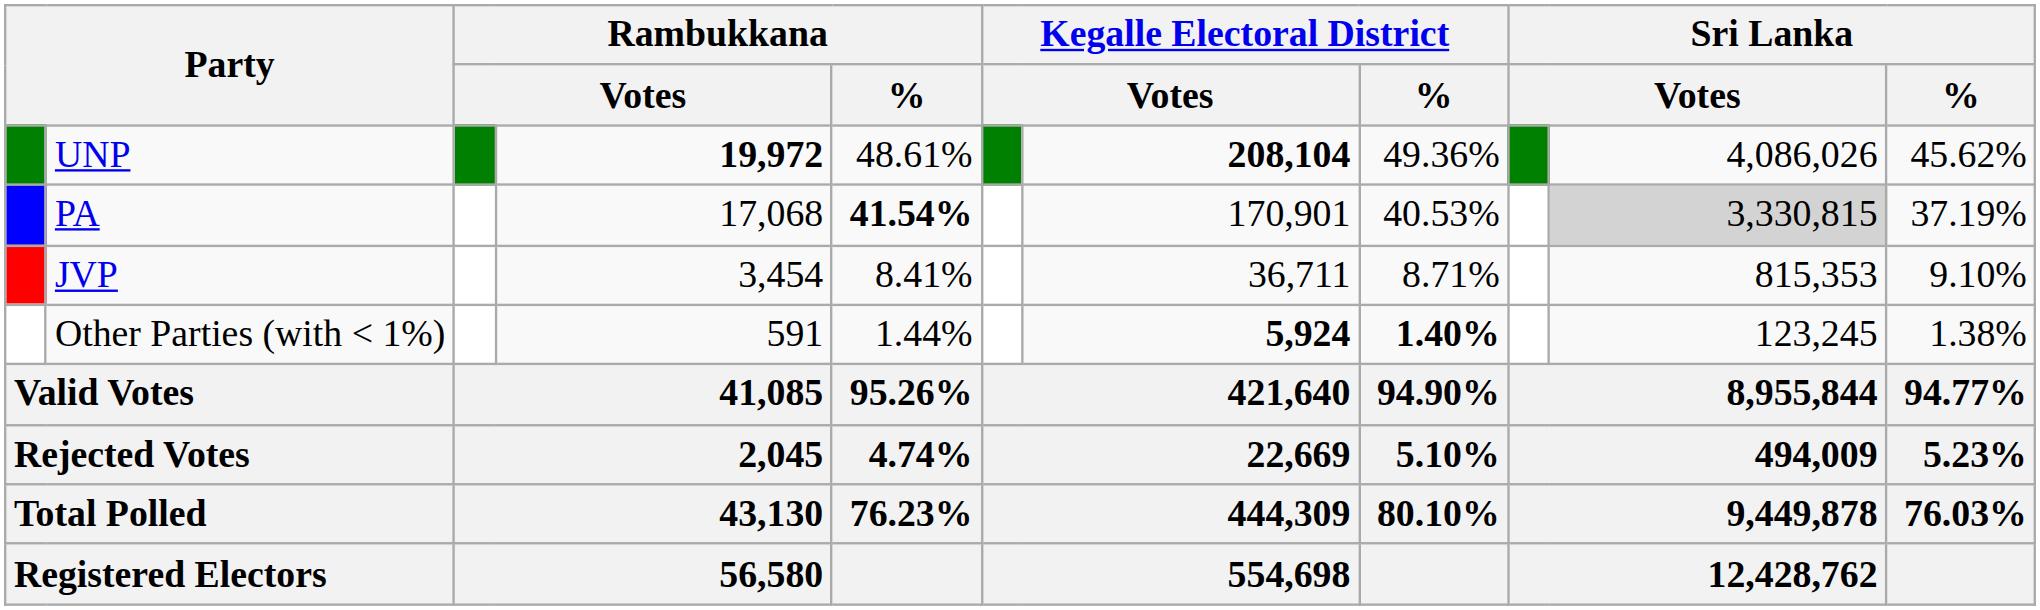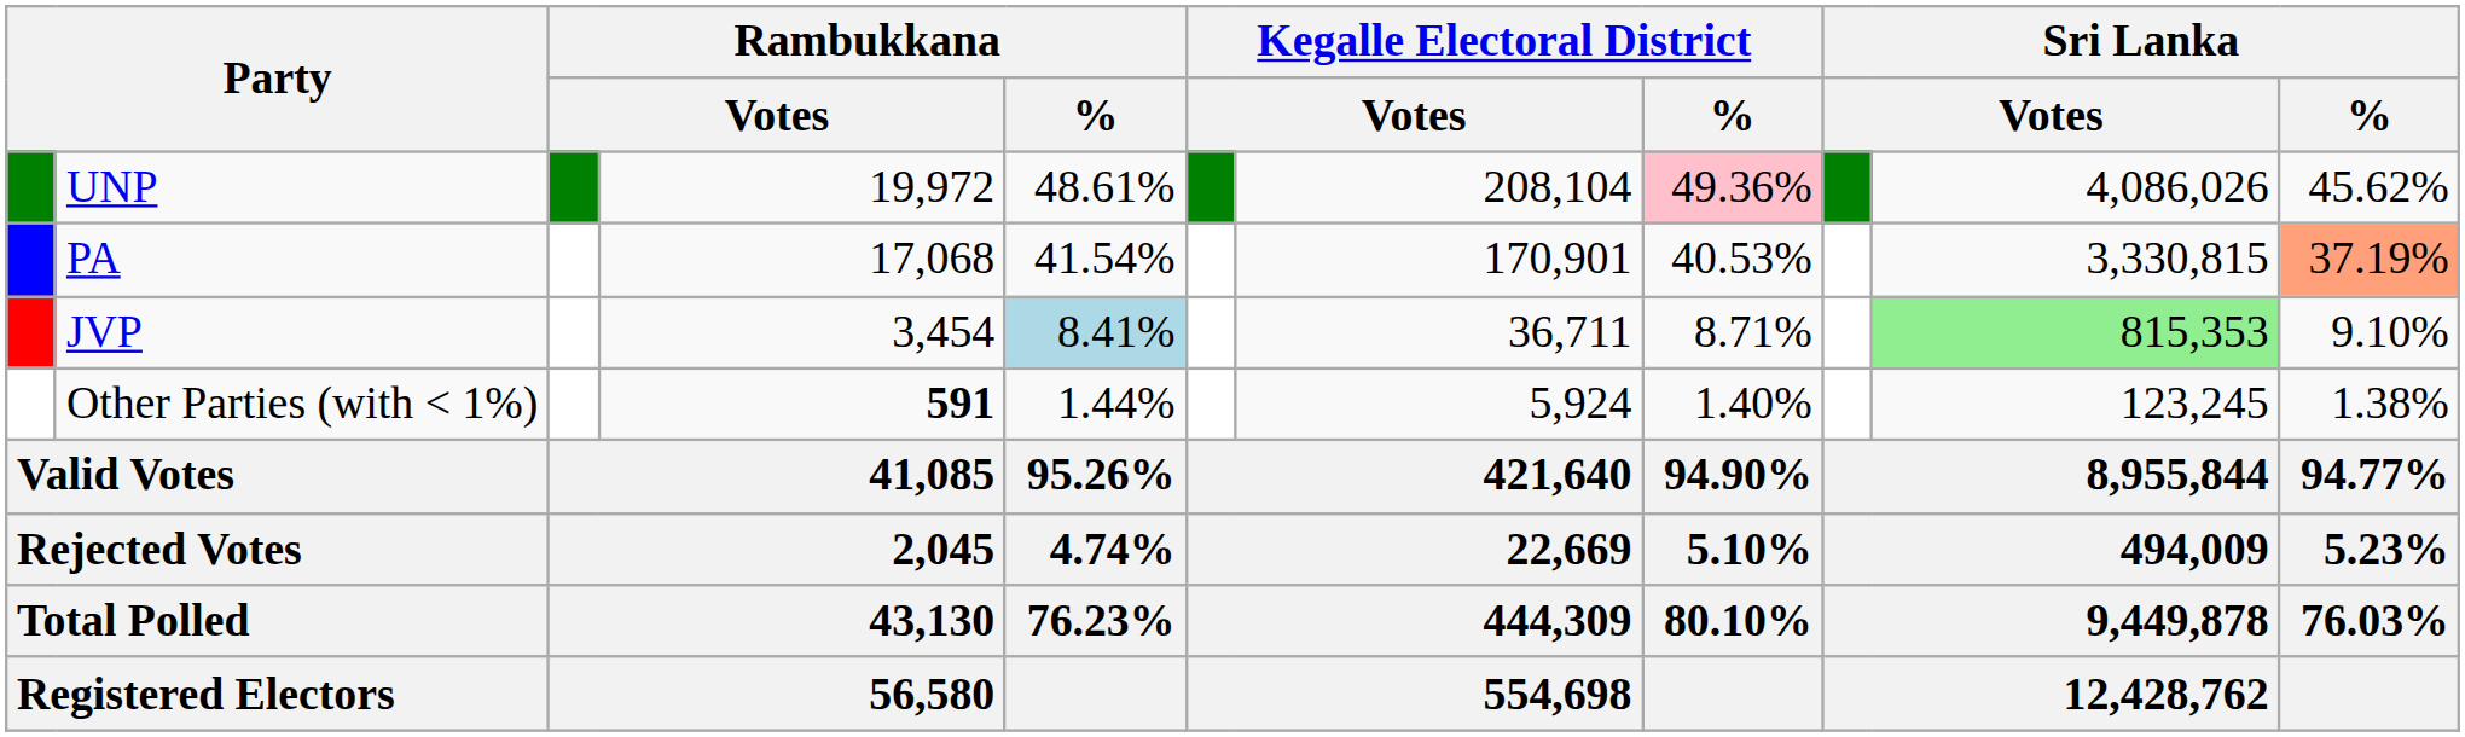 <table class="wikitable">
 <tr>
 <th colspan="2" width="144px"rowspan="2">Party</th>
 <th colspan="3" width="216px">Rambukkana</th>
 <th colspan="3" width="216px"><a href='#'>Kegalle Electoral District</a></th>
 <th colspan="3" width="216px">Sri Lanka</th>
 </tr>
 <tr>
 <th colspan="2" width="144px">Votes</th>
 <th>%</th>
 <th colspan="2" width="144px">Votes</th>
 <th>%</th>
 <th colspan="2" width="144px">Votes</th>
 <th>%</th>
 </tr>
 <tr>
 <td style="background-color:green;" width="10px"></td>
 <td style="text-align:left;"><a href='#'>UNP</a></td>
 <td style="background-color:green;" width="10px"></td>
-<td style="text-align:right;"><strong>19,972</strong></td>
+<td style="text-align:right;">19,972</td>
 <td style="text-align:right;">48.61%</td>
 <td style="background-color:green;" width="10px"></td>
-<td style="text-align:right;"><strong>208,104</strong></td>
-<td style="text-align:right;">49.36%</td>
+<td style="text-align:right;">208,104</td>
+<td style="background: pink; text-align:right;">49.36%</td>
 <td style="background-color:green;" width="10px"></td>
 <td style="text-align:right;">4,086,026</td>
 <td style="text-align:right;">45.62%</td>
 </tr>
 <tr>
 <td style="background-color:blue;" width="10px"></td>
 <td style="text-align:left;"><a href='#'>PA</a></td>
 <td style="background-color:white;" width="10px"></td>
 <td style="text-align:right;">17,068</td>
-<td style="text-align:right;"><strong>41.54%</strong></td>
+<td style="text-align:right;">41.54%</td>
 <td style="background-color:white;" width="10px"></td>
 <td style="text-align:right;">170,901</td>
 <td style="text-align:right;">40.53%</td>
 <td style="background-color:white;" width="10px"></td>
-<td style="background: lightgrey; text-align:right;">3,330,815</td>
-<td style="text-align:right;">37.19%</td>
+<td style="text-align:right;">3,330,815</td>
+<td style="background: lightsalmon; text-align:right;">37.19%</td>
 </tr>
 <tr>
 <td style="background-color:red;" width="10px"></td>
 <td style="text-align:left;"><a href='#'>JVP</a></td>
 <td style="background-color:white;" width="10px"></td>
 <td style="text-align:right;">3,454</td>
-<td style="text-align:right;">8.41%</td>
+<td style="background: lightblue; text-align:right;">8.41%</td>
 <td style="background-color:white;" width="10px"></td>
 <td style="text-align:right;">36,711</td>
 <td style="text-align:right;">8.71%</td>
 <td style="background-color:white;" width="10px"></td>
-<td style="text-align:right;">815,353</td>
+<td style="background: lightgreen; text-align:right;">815,353</td>
 <td style="text-align:right;">9.10%</td>
 </tr>
 <tr>
 <td style="background-color:white;" width="10px"></td>
 <td style="text-align:left;">Other Parties (with < 1%)</td>
 <td style="background-color:white;" width="10px"></td>
-<td style="text-align:right;">591</td>
+<td style="text-align:right;"><strong>591</strong></td>
 <td style="text-align:right;">1.44%</td>
 <td style="background-color:white;" width="10px"></td>
-<td style="text-align:right;"><strong>5,924</strong></td>
-<td style="text-align:right;"><strong>1.40%</strong></td>
+<td style="text-align:right;">5,924</td>
+<td style="text-align:right;">1.40%</td>
 <td style="background-color:white;" width="10px"></td>
 <td style="text-align:right;">123,245</td>
 <td style="text-align:right;">1.38%</td>
 </tr>
 <tr>
 <th colspan="2" width="144px"style="text-align:left;">Valid Votes</th>
 <th style="text-align:right;"colspan="2" width="144px">41,085</th>
 <th style="text-align:right;">95.26%</th>
 <th style="text-align:right;"colspan="2" width="144px">421,640</th>
 <th style="text-align:right;">94.90%</th>
 <th style="text-align:right;"colspan="2" width="144px">8,955,844</th>
 <th style="text-align:right;">94.77%</th>
 </tr>
 <tr>
 <th colspan="2" width="144px"style="text-align:left;">Rejected Votes</th>
 <th style="text-align:right;"colspan="2" width="144px">2,045</th>
 <th style="text-align:right;">4.74%</th>
 <th style="text-align:right;"colspan="2" width="144px">22,669</th>
 <th style="text-align:right;">5.10%</th>
 <th style="text-align:right;"colspan="2" width="144px">494,009</th>
 <th style="text-align:right;">5.23%</th>
 </tr>
 <tr>
 <th colspan="2" width="144px"style="text-align:left;">Total Polled</th>
 <th style="text-align:right;"colspan="2" width="144px">43,130</th>
 <th style="text-align:right;">76.23%</th>
 <th style="text-align:right;"colspan="2" width="144px">444,309</th>
 <th style="text-align:right;">80.10%</th>
 <th style="text-align:right;"colspan="2" width="144px">9,449,878</th>
 <th style="text-align:right;">76.03%</th>
 </tr>
 <tr>
 <th colspan="2" width="144px"style="text-align:left;">Registered Electors</th>
 <th style="text-align:right;"colspan="2" width="144px">56,580</th>
 <th></th>
 <th style="text-align:right;"colspan="2" width="144px">554,698</th>
 <th></th>
 <th style="text-align:right;"colspan="2" width="144px">12,428,762</th>
 <th></th>
 </tr>
 </table>
